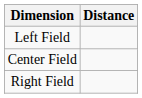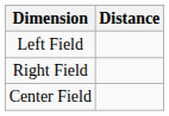 <table class="wikitable" style="text-align:center;">
 <tr>
 <th>Dimension</th>
 <th>Distance</th>
 </tr>
 <tr>
 <td>Left Field</td>
 <td></td>
 </tr>
 <tr>
+<td>Right Field</td>
+<td></td>
+</tr>
+<tr>
 <td>Center Field</td>
 <td></td>
 </tr>
-<tr>
-<td>Right Field</td>
-<td></td>
-</tr>
 </table>
